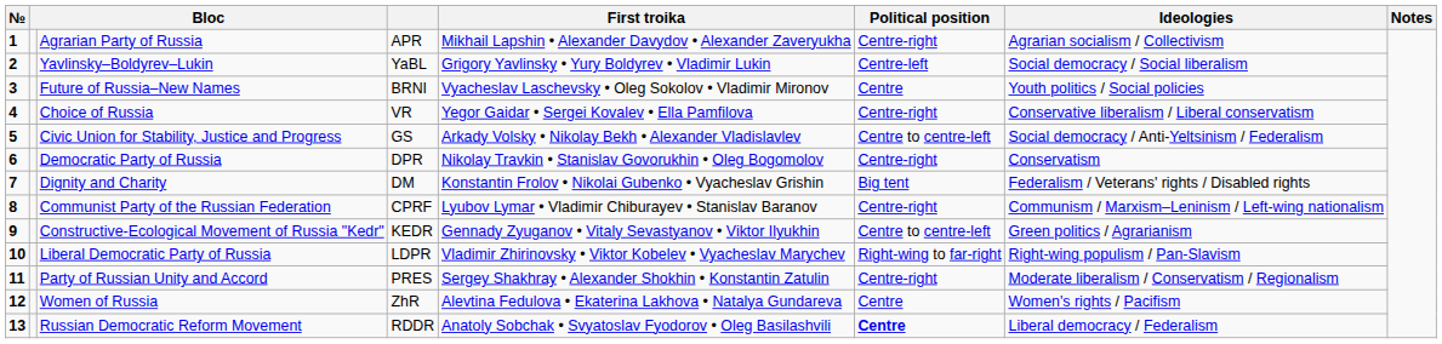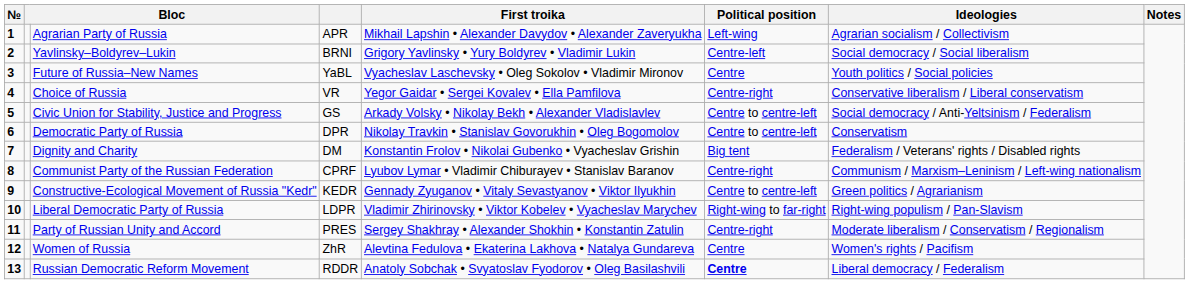 <table class="wikitable" style="font-size:90%">
 <tr>
 <th>№</th>
 <th colspan=2>Bloc</th>
 <th></th>
 <th>First troika</th>
 <th>Political position</th>
 <th>Ideologies</th>
 <th>Notes</th>
 </tr>
 <tr>
 <td><strong>1</strong></td>
 <td style="background: "></td>
 <td><a href='#'>Agrarian Party of Russia</a></td>
 <td>APR</td>
 <td><a href='#'>Mikhail Lapshin</a> • <a href='#'>Alexander Davydov</a> • <a href='#'>Alexander Zaveryukha</a></td>
-<td><a href='#'>Centre-right</a></td>
+<td><a href='#'>Left-wing</a></td>
 <td><a href='#'>Agrarian socialism</a> / <a href='#'>Collectivism</a></td>
 <td rowspan=13></td>
 </tr>
 <tr>
 <td><strong>2</strong></td>
 <td style="background: "></td>
 <td><a href='#'>Yavlinsky–Boldyrev–Lukin</a></td>
-<td>YaBL</td>
+<td>BRNI</td>
 <td><a href='#'>Grigory Yavlinsky</a> • <a href='#'>Yury Boldyrev</a> • <a href='#'>Vladimir Lukin</a></td>
 <td><a href='#'>Centre-left</a></td>
 <td><a href='#'>Social democracy</a> / <a href='#'>Social liberalism</a></td>
 </tr>
 <tr>
 <td><strong>3</strong></td>
 <td style="background: "></td>
 <td><a href='#'>Future of Russia–New Names</a></td>
-<td>BRNI</td>
+<td>YaBL</td>
 <td><a href='#'>Vyacheslav Laschevsky</a> • Oleg Sokolov • Vladimir Mironov</td>
 <td><a href='#'>Centre</a></td>
 <td><a href='#'>Youth politics</a> / <a href='#'>Social policies</a></td>
 </tr>
 <tr>
 <td><strong>4</strong></td>
 <td style="background: "></td>
 <td><a href='#'>Choice of Russia</a></td>
 <td>VR</td>
 <td><a href='#'>Yegor Gaidar</a> • <a href='#'>Sergei Kovalev</a> • <a href='#'>Ella Pamfilova</a></td>
 <td><a href='#'>Centre-right</a></td>
 <td><a href='#'>Conservative liberalism</a> / <a href='#'>Liberal conservatism</a></td>
 </tr>
 <tr>
 <td><strong>5</strong></td>
 <td style="background: "></td>
 <td><a href='#'>Civic Union for Stability, Justice and Progress</a></td>
 <td>GS</td>
 <td><a href='#'>Arkady Volsky</a> • <a href='#'>Nikolay Bekh</a> • <a href='#'>Alexander Vladislavlev</a></td>
 <td><a href='#'>Centre</a> to <a href='#'>centre-left</a></td>
 <td><a href='#'>Social democracy</a> / Anti-<a href='#'>Yeltsinism</a> / <a href='#'>Federalism</a></td>
 </tr>
 <tr>
 <td><strong>6</strong></td>
 <td style="background: "></td>
 <td><a href='#'>Democratic Party of Russia</a></td>
 <td>DPR</td>
 <td><a href='#'>Nikolay Travkin</a> • <a href='#'>Stanislav Govorukhin</a> • <a href='#'>Oleg Bogomolov</a></td>
-<td><a href='#'>Centre-right</a></td>
+<td><a href='#'>Centre</a> to <a href='#'>centre-left</a></td>
 <td><a href='#'>Conservatism</a></td>
 </tr>
 <tr>
 <td><strong>7</strong></td>
 <td style="background: "></td>
 <td><a href='#'>Dignity and Charity</a></td>
 <td>DM</td>
 <td><a href='#'>Konstantin Frolov</a> • <a href='#'>Nikolai Gubenko</a> • Vyacheslav Grishin</td>
 <td><a href='#'>Big tent</a></td>
 <td><a href='#'>Federalism</a> / Veterans' rights / Disabled rights</td>
 </tr>
 <tr>
 <td><strong>8</strong></td>
 <td style="background: "></td>
 <td><a href='#'>Communist Party of the Russian Federation</a></td>
 <td>CPRF</td>
 <td><a href='#'>Lyubov Lymar</a> • Vladimir Chiburayev • Stanislav Baranov</td>
 <td><a href='#'>Centre-right</a></td>
 <td><a href='#'>Communism</a> / <a href='#'>Marxism–Leninism</a> / <a href='#'>Left-wing nationalism</a></td>
 </tr>
 <tr>
 <td><strong>9</strong></td>
 <td style="background: "></td>
 <td><a href='#'>Constructive-Ecological Movement of Russia "Kedr"</a></td>
 <td>KEDR</td>
 <td><a href='#'>Gennady Zyuganov</a> • <a href='#'>Vitaly Sevastyanov</a> • <a href='#'>Viktor Ilyukhin</a></td>
 <td><a href='#'>Centre</a> to <a href='#'>centre-left</a></td>
 <td><a href='#'>Green politics</a> / <a href='#'>Agrarianism</a></td>
 </tr>
 <tr>
 <td><strong>10</strong></td>
 <td style="background: "></td>
 <td><a href='#'>Liberal Democratic Party of Russia</a></td>
 <td>LDPR</td>
 <td><a href='#'>Vladimir Zhirinovsky</a> • <a href='#'>Viktor Kobelev</a> • <a href='#'>Vyacheslav Marychev</a></td>
 <td><a href='#'>Right-wing</a> to <a href='#'>far-right</a></td>
 <td><a href='#'>Right-wing populism</a> / <a href='#'>Pan-Slavism</a></td>
 </tr>
 <tr>
 <td><strong>11</strong></td>
 <td style="background: "></td>
 <td><a href='#'>Party of Russian Unity and Accord</a></td>
 <td>PRES</td>
 <td><a href='#'>Sergey Shakhray</a> • <a href='#'>Alexander Shokhin</a> • <a href='#'>Konstantin Zatulin</a></td>
 <td><a href='#'>Centre-right</a></td>
 <td><a href='#'>Moderate liberalism</a> / <a href='#'>Conservatism</a> / <a href='#'>Regionalism</a></td>
 </tr>
 <tr>
 <td><strong>12</strong></td>
 <td style="background: "></td>
 <td><a href='#'>Women of Russia</a></td>
 <td>ZhR</td>
 <td><a href='#'>Alevtina Fedulova</a> • <a href='#'>Ekaterina Lakhova</a> • <a href='#'>Natalya Gundareva</a></td>
 <td><a href='#'>Centre</a></td>
 <td><a href='#'>Women's rights</a> / <a href='#'>Pacifism</a></td>
 </tr>
 <tr>
 <td><strong>13</strong></td>
 <td style="background: "></td>
 <td><a href='#'>Russian Democratic Reform Movement</a></td>
 <td>RDDR</td>
 <td><a href='#'>Anatoly Sobchak</a> • <a href='#'>Svyatoslav Fyodorov</a> • <a href='#'>Oleg Basilashvili</a></td>
 <td><strong><a href='#'>Centre</a></strong></td>
 <td><a href='#'>Liberal democracy</a> / <a href='#'>Federalism</a></td>
 </tr>
 </table>
